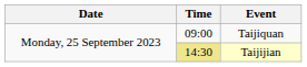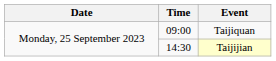 <table class=wikitable style="text-align:center;">
 <tr>
 <th width=220>Date</th>
 <th width=50>Time</th>
 <th width=100>Event</th>
 </tr>
 <tr>
 <td rowspan=2>Monday, 25 September 2023</td>
 <td>09:00</td>
 <td>Taijiquan</td>
 </tr>
 <tr>
-<td style="background: khaki;">14:30</td>
+<td>14:30</td>
 <td bgcolor="ffffcc">Taijijian</td>
 </tr>
 </table>
